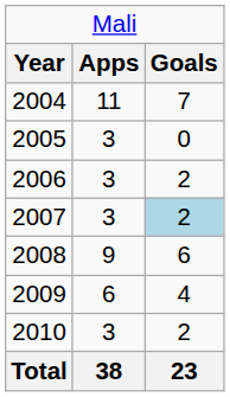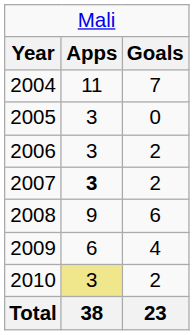 <table class="wikitable" style="text-align:center">
 <tr>
 <td colspan="3"><a href='#'>Mali</a></td>
 </tr>
 <tr>
 <th>Year</th>
 <th>Apps</th>
 <th>Goals</th>
 </tr>
 <tr>
 <td>2004</td>
 <td>11</td>
 <td>7</td>
 </tr>
 <tr>
 <td>2005</td>
 <td>3</td>
 <td>0</td>
 </tr>
 <tr>
 <td>2006</td>
 <td>3</td>
 <td>2</td>
 </tr>
 <tr>
 <td>2007</td>
-<td>3</td>
-<td style="background: lightblue;">2</td>
+<td><strong>3</strong></td>
+<td>2</td>
 </tr>
 <tr>
 <td>2008</td>
 <td>9</td>
 <td>6</td>
 </tr>
 <tr>
 <td>2009</td>
 <td>6</td>
 <td>4</td>
 </tr>
 <tr>
 <td>2010</td>
-<td>3</td>
+<td style="background: khaki;">3</td>
 <td>2</td>
 </tr>
 <tr>
 <th>Total</th>
 <th>38</th>
 <th>23</th>
 </tr>
 </table>
